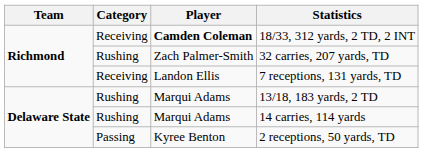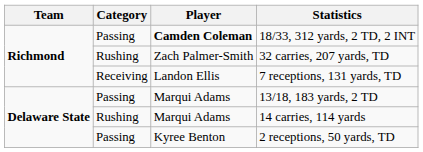 <table class="wikitable" style="float: right;">
 <tr>
 <th>Team</th>
 <th>Category</th>
 <th>Player</th>
 <th>Statistics</th>
 </tr>
 <tr>
 <td rowspan=3><strong>Richmond</strong></td>
-<td>Receiving</td>
+<td>Passing</td>
 <td><strong>Camden Coleman</strong></td>
 <td>18/33, 312 yards, 2 TD, 2 INT</td>
 </tr>
 <tr>
 <td>Rushing</td>
 <td>Zach Palmer-Smith</td>
 <td>32 carries, 207 yards, TD</td>
 </tr>
 <tr>
 <td>Receiving</td>
 <td>Landon Ellis</td>
 <td>7 receptions, 131 yards, TD</td>
 </tr>
 <tr>
 <td rowspan=3><strong>Delaware State</strong></td>
-<td>Rushing</td>
+<td>Passing</td>
 <td>Marqui Adams</td>
 <td>13/18, 183 yards, 2 TD</td>
 </tr>
 <tr>
 <td>Rushing</td>
 <td>Marqui Adams</td>
 <td>14 carries, 114 yards</td>
 </tr>
 <tr>
 <td>Passing</td>
 <td>Kyree Benton</td>
 <td>2 receptions, 50 yards, TD</td>
 </tr>
 </table>
